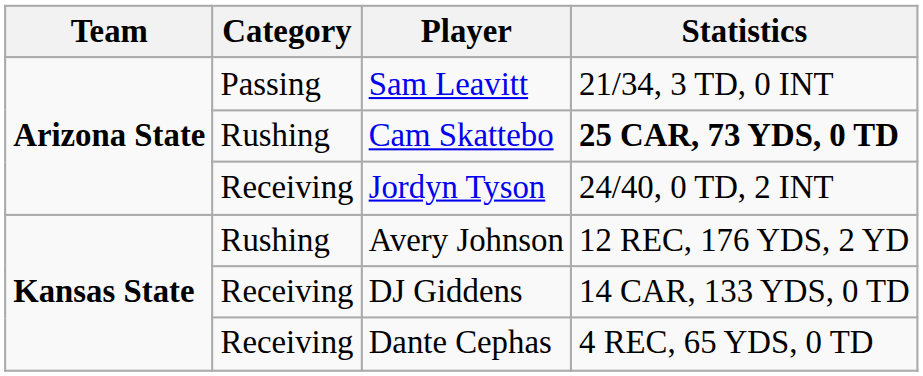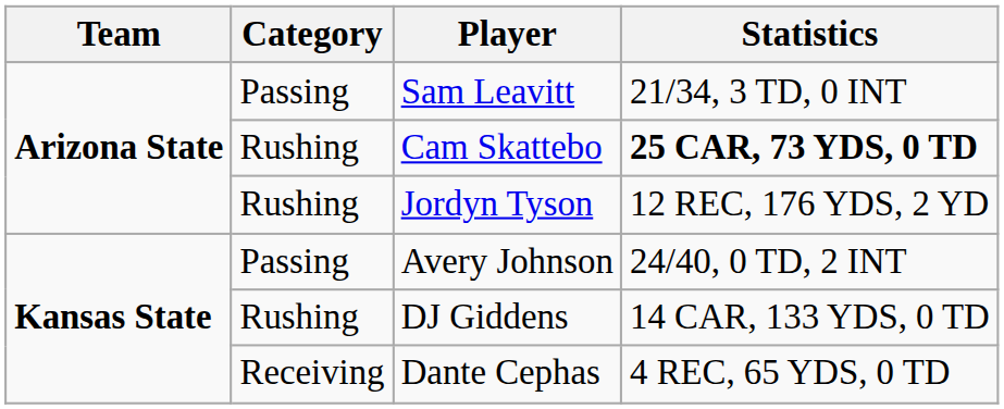 <table class="wikitable" style="float: right;">
 <tr>
 <th>Team</th>
 <th>Category</th>
 <th>Player</th>
 <th>Statistics</th>
 </tr>
 <tr>
 <td rowspan=3><strong>Arizona State</strong></td>
 <td>Passing</td>
 <td><a href='#'>Sam Leavitt</a></td>
 <td>21/34, 3 TD, 0 INT</td>
 </tr>
 <tr>
 <td>Rushing</td>
 <td><a href='#'>Cam Skattebo</a></td>
 <td><strong>25 CAR, 73 YDS, 0 TD</strong></td>
 </tr>
 <tr>
-<td>Receiving</td>
+<td>Rushing</td>
 <td><a href='#'>Jordyn Tyson</a></td>
+<td>12 REC, 176 YDS, 2 YD</td>
+</tr>
+<tr>
+<td rowspan=3><strong>Kansas State</strong></td>
+<td>Passing</td>
+<td>Avery Johnson</td>
 <td>24/40, 0 TD, 2 INT</td>
 </tr>
 <tr>
-<td rowspan=3><strong>Kansas State</strong></td>
 <td>Rushing</td>
-<td>Avery Johnson</td>
-<td>12 REC, 176 YDS, 2 YD</td>
-</tr>
-<tr>
-<td>Receiving</td>
 <td>DJ Giddens</td>
 <td>14 CAR, 133 YDS, 0 TD</td>
 </tr>
 <tr>
 <td>Receiving</td>
 <td>Dante Cephas</td>
 <td>4 REC, 65 YDS, 0 TD</td>
 </tr>
 </table>
